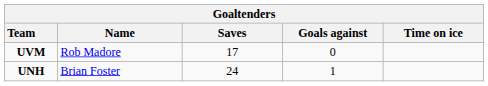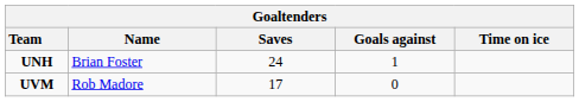 <table class="wikitable" style="width:40em; text-align:right;">
 <tr>
 <th colspan=5>Goaltenders</th>
 </tr>
 <tr>
 <th style="width:4em; text-align:left;">Team</th>
 <th style="width:10em;">Name</th>
 <th style="width:8em;">Saves</th>
 <th style="width:8em;">Goals against</th>
 <th style="width:8em;">Time on ice</th>
 </tr>
 <tr>
+<td align=center><strong>UNH</strong></td>
+<td style="text-align:left;"><a href='#'>Brian Foster</a></td>
+<td align=center>24</td>
+<td align=center>1</td>
+<td align=center></td>
+</tr>
+<tr>
 <td align=center><strong>UVM</strong></td>
 <td style="text-align:left;"><a href='#'>Rob Madore</a></td>
 <td align=center>17</td>
 <td align=center>0</td>
 <td align=center></td>
 </tr>
-<tr>
-<td align=center><strong>UNH</strong></td>
-<td style="text-align:left;"><a href='#'>Brian Foster</a></td>
-<td align=center>24</td>
-<td align=center>1</td>
-<td align=center></td>
-</tr>
 </table>
